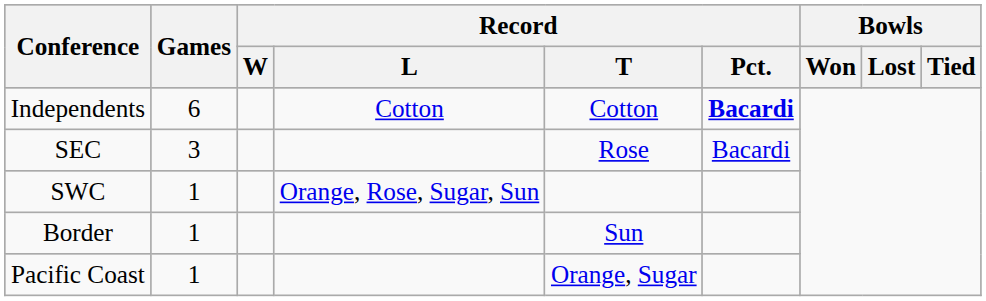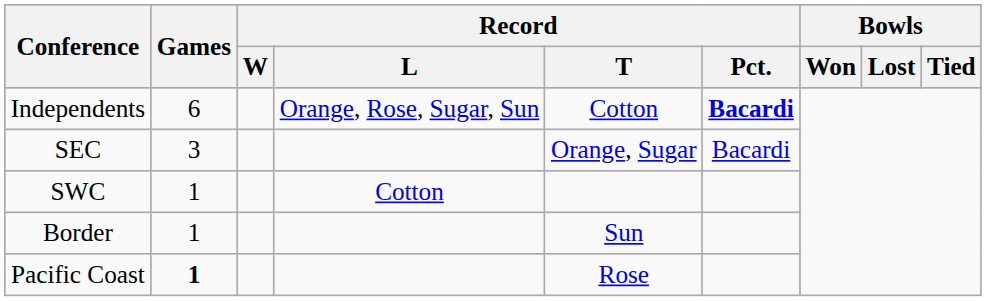 <table class="wikitable sortable" style="text-align:center; font-size: 95%;">
 <tr>
 <th rowspan=2>Conference</th>
 <th rowspan=2>Games</th>
 <th colspan=4>Record</th>
 <th colspan=3>Bowls</th>
 </tr>
 <tr>
 <th>W</th>
 <th>L</th>
 <th>T</th>
 <th>Pct.</th>
 <th class=unsortable>Won</th>
 <th class=unsortable>Lost</th>
 <th class=unsortable>Tied</th>
 </tr>
 <tr>
 <td>Independents</td>
 <td>6</td>
 <td></td>
-<td><a href='#'>Cotton</a></td>
+<td><a href='#'>Orange</a>, <a href='#'>Rose</a>, <a href='#'>Sugar</a>, <a href='#'>Sun</a></td>
 <td><a href='#'>Cotton</a></td>
 <td><strong><a href='#'>Bacardi</a></strong></td>
 </tr>
 <tr>
 <td>SEC</td>
 <td>3</td>
 <td></td>
 <td></td>
-<td><a href='#'>Rose</a></td>
+<td><a href='#'>Orange</a>, <a href='#'>Sugar</a></td>
 <td><a href='#'>Bacardi</a></td>
 </tr>
 <tr>
 <td>SWC</td>
 <td>1</td>
 <td></td>
-<td><a href='#'>Orange</a>, <a href='#'>Rose</a>, <a href='#'>Sugar</a>, <a href='#'>Sun</a></td>
+<td><a href='#'>Cotton</a></td>
 <td></td>
 <td></td>
 </tr>
 <tr>
 <td>Border</td>
 <td>1</td>
 <td></td>
 <td></td>
 <td><a href='#'>Sun</a></td>
 <td></td>
 </tr>
 <tr>
 <td>Pacific Coast</td>
-<td>1</td>
+<td><strong>1</strong></td>
 <td></td>
 <td></td>
-<td><a href='#'>Orange</a>, <a href='#'>Sugar</a></td>
+<td><a href='#'>Rose</a></td>
 <td></td>
 </tr>
 </table>
